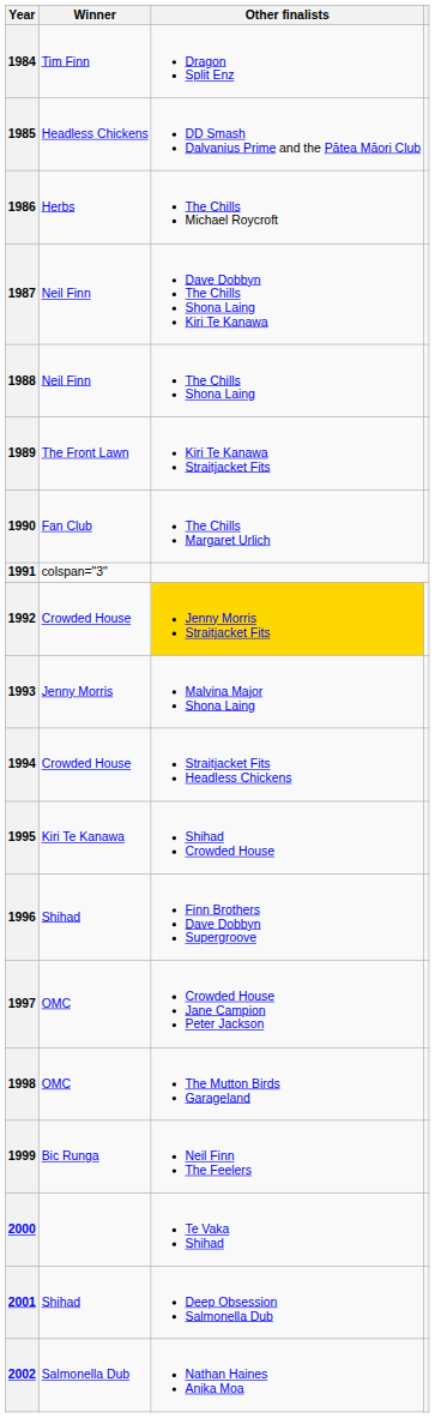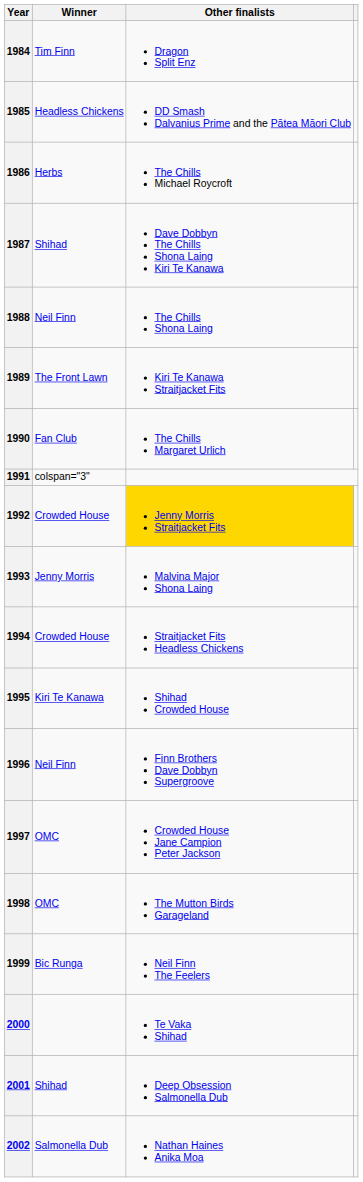 <table class="wikitable sortable">
 <tr>
 <th scope="col">Year</th>
 <th scope="col">Winner</th>
 <th scope="col" class=unsortable>Other finalists</th>
 <th scope="col"></th>
 </tr>
 <tr>
 <th scope="row">1984</th>
 <td><a href='#'>Tim Finn</a></td>
 <td><br><ul><li><a href='#'>Dragon</a></li><li><a href='#'>Split Enz</a></li></ul></td>
 <td align="center"></td>
 </tr>
 <tr>
 <th scope="row">1985</th>
 <td><a href='#'>Headless Chickens</a></td>
 <td><br><ul><li><a href='#'>DD Smash</a></li><li><a href='#'>Dalvanius Prime</a> and the <a href='#'>Pātea Māori Club</a></li></ul></td>
 <td align="center"></td>
 </tr>
 <tr>
 <th scope="row">1986</th>
 <td><a href='#'>Herbs</a></td>
 <td><br><ul><li><a href='#'>The Chills</a></li><li>Michael Roycroft</li></ul></td>
 <td align="center"></td>
 </tr>
 <tr>
 <th scope="row">1987</th>
-<td><a href='#'>Neil Finn</a></td>
+<td><a href='#'>Shihad</a></td>
 <td><br><ul><li><a href='#'>Dave Dobbyn</a></li><li><a href='#'>The Chills</a></li><li><a href='#'>Shona Laing</a></li><li><a href='#'>Kiri Te Kanawa</a></li></ul></td>
 <td align="center"></td>
 </tr>
 <tr>
 <th scope="row">1988</th>
 <td><a href='#'>Neil Finn</a></td>
 <td><br><ul><li><a href='#'>The Chills</a></li><li><a href='#'>Shona Laing</a></li></ul></td>
 <td align="center"></td>
 </tr>
 <tr>
 <th scope="row">1989</th>
 <td><a href='#'>The Front Lawn</a></td>
 <td><br><ul><li><a href='#'>Kiri Te Kanawa</a></li><li><a href='#'>Straitjacket Fits</a></li></ul></td>
 <td align="center"></td>
 </tr>
 <tr>
 <th scope="row">1990</th>
 <td><a href='#'>Fan Club</a></td>
 <td><br><ul><li><a href='#'>The Chills</a></li><li><a href='#'>Margaret Urlich</a></li></ul></td>
 <td align="center"></td>
 </tr>
 <tr>
 <th scope="row">1991</th>
 <td>colspan="3" </td>
 </tr>
 <tr>
 <th scope="row">1992</th>
 <td><a href='#'>Crowded House</a></td>
 <td style="background: gold;"><br><ul><li><a href='#'>Jenny Morris</a></li><li><a href='#'>Straitjacket Fits</a></li></ul></td>
 <td align="center"></td>
 </tr>
 <tr>
 <th scope="row">1993</th>
 <td><a href='#'>Jenny Morris</a></td>
 <td><br><ul><li><a href='#'>Malvina Major</a></li><li><a href='#'>Shona Laing</a></li></ul></td>
 <td align="center"></td>
 </tr>
 <tr>
 <th scope="row">1994</th>
 <td><a href='#'>Crowded House</a></td>
 <td><br><ul><li><a href='#'>Straitjacket Fits</a></li><li><a href='#'>Headless Chickens</a></li></ul></td>
 <td align="center"></td>
 </tr>
 <tr>
 <th scope="row">1995</th>
 <td><a href='#'>Kiri Te Kanawa</a></td>
 <td><br><ul><li><a href='#'>Shihad</a></li><li><a href='#'>Crowded House</a></li></ul></td>
 <td align="center"></td>
 </tr>
 <tr>
 <th scope="row">1996</th>
-<td><a href='#'>Shihad</a></td>
+<td><a href='#'>Neil Finn</a></td>
 <td><br><ul><li><a href='#'>Finn Brothers</a></li><li><a href='#'>Dave Dobbyn</a></li><li><a href='#'>Supergroove</a></li></ul></td>
 <td align="center"></td>
 </tr>
 <tr>
 <th scope="row">1997</th>
 <td><a href='#'>OMC</a></td>
 <td><br><ul><li><a href='#'>Crowded House</a></li><li><a href='#'>Jane Campion</a></li><li><a href='#'>Peter Jackson</a></li></ul></td>
 <td align="center"></td>
 </tr>
 <tr>
 <th scope="row">1998</th>
 <td><a href='#'>OMC</a></td>
 <td><br><ul><li><a href='#'>The Mutton Birds</a></li><li><a href='#'>Garageland</a></li></ul></td>
 <td align="center"></td>
 </tr>
 <tr>
 <th scope="row">1999</th>
 <td><a href='#'>Bic Runga</a></td>
 <td><br><ul><li><a href='#'>Neil Finn</a></li><li><a href='#'>The Feelers</a></li></ul></td>
 <td align="center"></td>
 </tr>
 <tr>
 <th scope="row"><a href='#'>2000</a></th>
 <td></td>
 <td><br><ul><li><a href='#'>Te Vaka</a></li><li><a href='#'>Shihad</a></li></ul></td>
 <td align="center"></td>
 </tr>
 <tr>
 <th scope="row"><a href='#'>2001</a></th>
 <td><a href='#'>Shihad</a></td>
 <td><br><ul><li><a href='#'>Deep Obsession</a></li><li><a href='#'>Salmonella Dub</a></li></ul></td>
 <td align="center"></td>
 </tr>
 <tr>
 <th scope="row"><a href='#'>2002</a></th>
 <td><a href='#'>Salmonella Dub</a></td>
 <td><br><ul><li><a href='#'>Nathan Haines</a></li><li><a href='#'>Anika Moa</a></li></ul></td>
 <td align="center"></td>
 </tr>
 </table>
